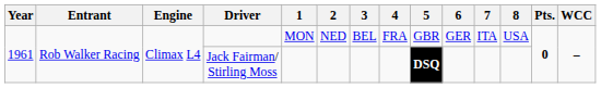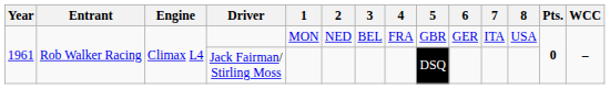 <table class="wikitable" style="text-align:center; font-size:95%">
 <tr>
 <th>Year</th>
 <th>Entrant</th>
 <th>Engine</th>
 <th>Driver</th>
 <th>1</th>
 <th>2</th>
 <th>3</th>
 <th>4</th>
 <th>5</th>
 <th>6</th>
 <th>7</th>
 <th>8</th>
 <th>Pts.</th>
 <th>WCC</th>
 </tr>
 <tr>
 <td rowspan="2"><a href='#'>1961</a></td>
 <td rowspan="2"><a href='#'>Rob Walker Racing</a></td>
 <td rowspan="2"><a href='#'>Climax</a> <a href='#'>L4</a></td>
 <td></td>
 <td><a href='#'>MON</a></td>
 <td><a href='#'>NED</a></td>
 <td><a href='#'>BEL</a></td>
 <td><a href='#'>FRA</a></td>
 <td><a href='#'>GBR</a></td>
 <td><a href='#'>GER</a></td>
 <td><a href='#'>ITA</a></td>
 <td><a href='#'>USA</a></td>
 <td rowspan="2"><strong>0</strong></td>
 <td rowspan="2"><strong>–</strong></td>
 </tr>
 <tr>
 <td><a href='#'>Jack Fairman</a>/<br><a href='#'>Stirling Moss</a></td>
 <td></td>
 <td></td>
 <td></td>
 <td></td>
-<td style="background:#000000; color:white"><strong>DSQ</strong></td>
+<td style="background:#000000; color:white">DSQ</td>
 <td></td>
 <td></td>
 <td></td>
 </tr>
 </table>
